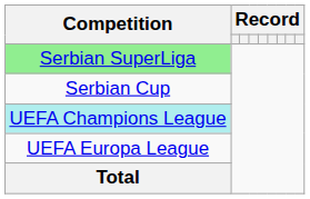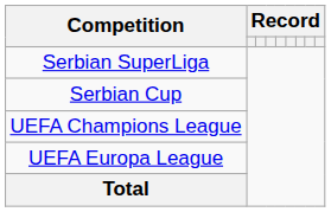 <table class="wikitable" style="text-align: center">
 <tr>
 <th rowspan=2>Competition</th>
 <th colspan=8>Record</th>
 </tr>
 <tr>
 <th></th>
 <th></th>
 <th></th>
 <th></th>
 <th></th>
 <th></th>
 <th></th>
 <th></th>
 </tr>
 <tr>
-<td style="background: lightgreen;"><a href='#'>Serbian SuperLiga</a><br></td>
+<td><a href='#'>Serbian SuperLiga</a><br></td>
 </tr>
 <tr>
 <td><a href='#'>Serbian Cup</a><br></td>
 </tr>
 <tr>
-<td style="background: paleturquoise;"><a href='#'>UEFA Champions League</a><br></td>
+<td><a href='#'>UEFA Champions League</a><br></td>
 </tr>
 <tr>
 <td><a href='#'>UEFA Europa League</a><br></td>
 </tr>
 <tr>
 <th>Total<br></th>
 </tr>
 </table>
